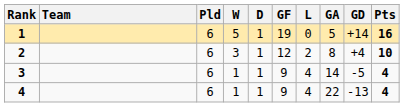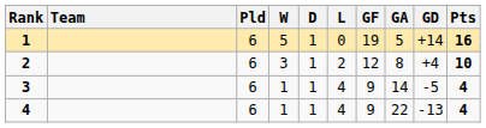 <table class="wikitable" style="text-align: center;">
 <tr>
 <th width=30>Rank</th>
 <th width=165 style="text-align:left;">Team</th>
 <th width=20>Pld</th>
 <th width=20>W</th>
 <th width=20>D</th>
+<th width=20>L</th>
 <th width=20>GF</th>
-<th width=20>L</th>
 <th width=20>GA</th>
 <th width=20>GD</th>
 <th width=20>Pts</th>
 </tr>
 <tr style="background:#ffebad;">
 <td><strong>1</strong></td>
 <td style="text-align:left;"></td>
 <td>6</td>
 <td>5</td>
 <td>1</td>
+<td>0</td>
 <td>19</td>
-<td>0</td>
 <td>5</td>
 <td>+14</td>
 <td><strong>16</strong></td>
 </tr>
 <tr>
 <td><strong>2</strong></td>
 <td style="text-align:left;"></td>
 <td>6</td>
 <td>3</td>
 <td>1</td>
+<td>2</td>
 <td>12</td>
-<td>2</td>
 <td>8</td>
 <td>+4</td>
 <td><strong>10</strong></td>
 </tr>
 <tr>
 <td><strong>3</strong></td>
 <td style="text-align:left;"></td>
 <td>6</td>
 <td>1</td>
 <td>1</td>
+<td>4</td>
 <td>9</td>
-<td>4</td>
 <td>14</td>
 <td>-5</td>
 <td><strong>4</strong></td>
 </tr>
 <tr>
 <td><strong>4</strong></td>
 <td style="text-align:left;"></td>
 <td>6</td>
 <td>1</td>
 <td>1</td>
+<td>4</td>
 <td>9</td>
-<td>4</td>
 <td>22</td>
 <td>-13</td>
 <td><strong>4</strong></td>
 </tr>
 </table>
